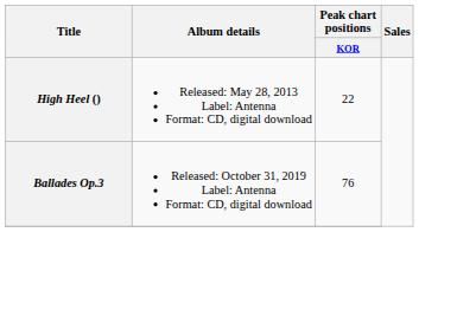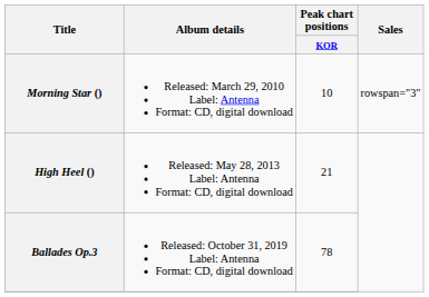 <table class="wikitable plainrowheaders" style="text-align:center;">
 <tr>
 <th scope="col" rowspan="2" style="width:10em;">Title</th>
 <th scope="col" rowspan="2">Album details</th>
 <th scope="col" colspan="1" style="width:5em;">Peak chart positions</th>
 <th scope="col" rowspan="2">Sales</th>
 </tr>
 <tr>
 <th><small><a href='#'>KOR</a></small><br></th>
 </tr>
 <tr>
+<th scope="row"><em>Morning Star</em> ()</th>
+<td><br><ul><li>Released: March 29, 2010</li><li>Label: <a href='#'>Antenna</a></li><li>Format: CD, digital download</li></ul></td>
+<td>10</td>
+<td>rowspan="3" </td>
+</tr>
+<tr>
 <th scope="row"><em>High Heel</em> ()</th>
 <td><br><ul><li>Released: May 28, 2013</li><li>Label: Antenna</li><li>Format: CD, digital download</li></ul></td>
-<td>22</td>
+<td>21</td>
 </tr>
 <tr>
 <th scope="row"><em>Ballades Op.3</em></th>
 <td><br><ul><li>Released: October 31, 2019</li><li>Label: Antenna</li><li>Format: CD, digital download</li></ul></td>
-<td>76</td>
+<td>78</td>
 </tr>
 <tr>
 </tr>
 </table>
